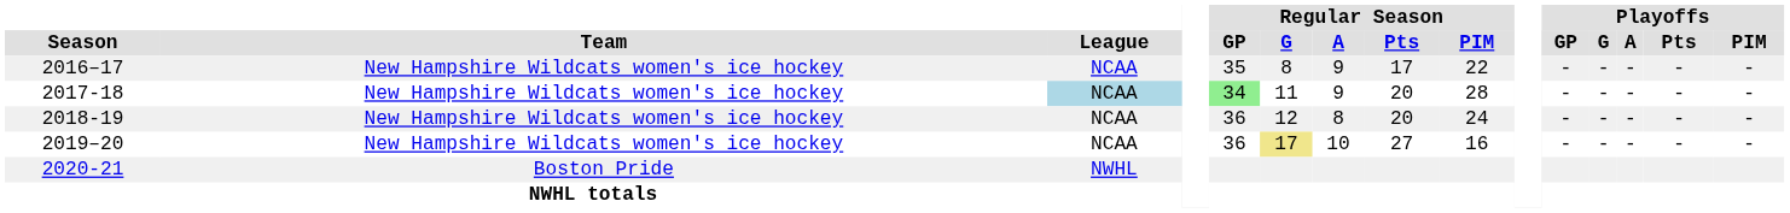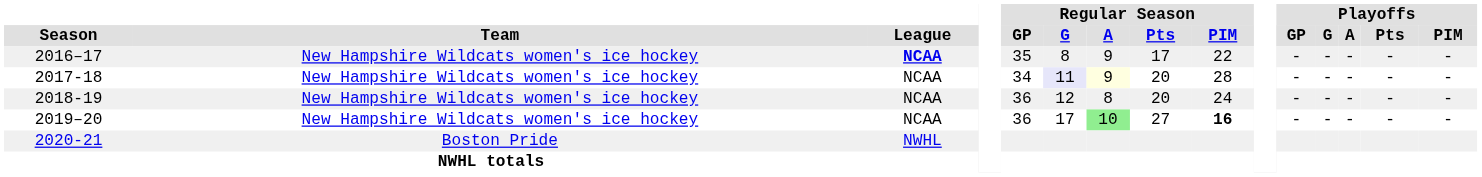 <table border="0" cellpadding="1" cellspacing="0" style="text-align:center; width:75%">
 <tr style="background:#e0e0e0;">
 <th colspan="3" style="background:#fff;"> </th>
 <th rowspan="99" style="background:#fff;"> </th>
 <th colspan="5">Regular Season</th>
 <th rowspan="99" style="background:#fff;"> </th>
 <th colspan="5">Playoffs</th>
 </tr>
 <tr style="background:#e0e0e0;">
 <th>Season</th>
 <th>Team</th>
 <th>League</th>
 <th>GP</th>
 <th><a href='#'>G</a></th>
 <th><a href='#'>A</a></th>
 <th><a href='#'>Pts</a></th>
 <th><a href='#'>PIM</a></th>
 <th>GP</th>
 <th>G</th>
 <th>A</th>
 <th>Pts</th>
 <th>PIM</th>
 </tr>
 <tr style="background:#f0f0f0;">
 <td>2016–17</td>
 <td><a href='#'>New Hampshire Wildcats women's ice hockey</a></td>
-<td><a href='#'>NCAA</a></td>
+<td><strong><a href='#'>NCAA</a></strong></td>
 <td>35</td>
 <td>8</td>
 <td>9</td>
 <td>17</td>
 <td>22</td>
 <td>-</td>
 <td>-</td>
 <td>-</td>
 <td>-</td>
 <td>-</td>
 </tr>
 <tr>
 <td>2017-18</td>
 <td><a href='#'>New Hampshire Wildcats women's ice hockey</a></td>
-<td style="background: lightblue;">NCAA</td>
-<td style="background: lightgreen;">34</td>
-<td>11</td>
-<td>9</td>
+<td>NCAA</td>
+<td>34</td>
+<td style="background: lavender;">11</td>
+<td style="background: lightyellow;">9</td>
 <td>20</td>
 <td>28</td>
 <td>-</td>
 <td>-</td>
 <td>-</td>
 <td>-</td>
 <td>-</td>
 </tr>
 <tr style="background:#f0f0f0;">
 <td>2018-19</td>
 <td><a href='#'>New Hampshire Wildcats women's ice hockey</a></td>
 <td>NCAA</td>
 <td>36</td>
 <td>12</td>
 <td>8</td>
 <td>20</td>
 <td>24</td>
 <td>-</td>
 <td>-</td>
 <td>-</td>
 <td>-</td>
 <td>-</td>
 </tr>
 <tr>
 <td>2019–20</td>
 <td><a href='#'>New Hampshire Wildcats women's ice hockey</a></td>
 <td>NCAA</td>
 <td>36</td>
-<td style="background: khaki;">17</td>
-<td>10</td>
+<td>17</td>
+<td style="background: lightgreen;">10</td>
 <td>27</td>
-<td>16</td>
+<td><strong>16</strong></td>
 <td>-</td>
 <td>-</td>
 <td>-</td>
 <td>-</td>
 <td>-</td>
 </tr>
 <tr style="background:#f0f0f0;">
 <td><a href='#'>2020-21</a></td>
 <td><a href='#'>Boston Pride</a></td>
 <td><a href='#'>NWHL</a></td>
 <td></td>
 <td></td>
 <td></td>
 <td></td>
 <td></td>
 <td></td>
 <td></td>
 <td></td>
 <td></td>
 <td></td>
 </tr>
 <tr>
 <th colspan="3">NWHL totals</th>
 <th></th>
 <th></th>
 <th></th>
 <th></th>
 <th></th>
 <th></th>
 <th></th>
 <th></th>
 <th></th>
 <th></th>
 </tr>
 </table>
